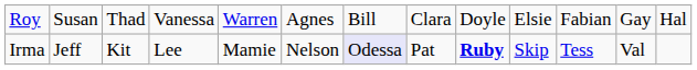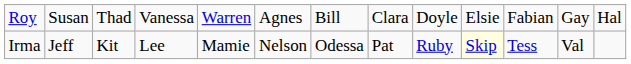 <table class="wikitable">
 <tr>
 <td><a href='#'>Roy</a></td>
 <td>Susan</td>
 <td>Thad</td>
 <td>Vanessa</td>
 <td><a href='#'>Warren</a></td>
 <td>Agnes</td>
 <td>Bill</td>
 <td>Clara</td>
 <td>Doyle</td>
 <td>Elsie</td>
 <td>Fabian</td>
 <td>Gay</td>
 <td>Hal</td>
 </tr>
 <tr>
 <td>Irma</td>
 <td>Jeff</td>
 <td>Kit</td>
 <td>Lee</td>
 <td>Mamie</td>
 <td>Nelson</td>
-<td style="background: lavender;">Odessa</td>
+<td>Odessa</td>
 <td>Pat</td>
-<td><strong><a href='#'>Ruby</a></strong></td>
-<td><a href='#'>Skip</a></td>
+<td><a href='#'>Ruby</a></td>
+<td style="background: lightyellow;"><a href='#'>Skip</a></td>
 <td><a href='#'>Tess</a></td>
 <td>Val</td>
 </tr>
 </table>
